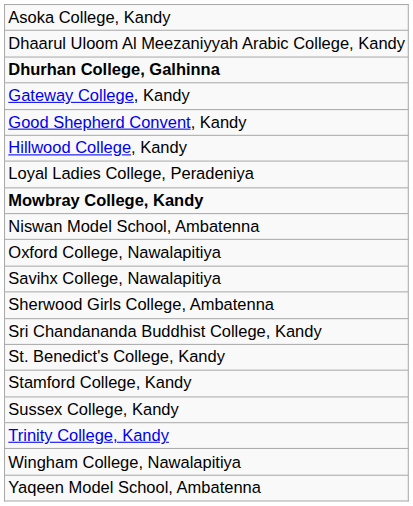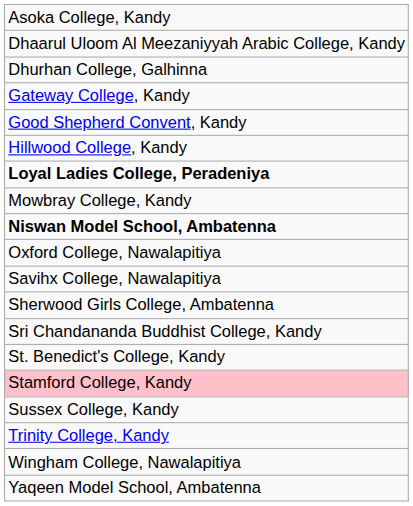 <table class="wikitable">
 <tr>
 <td>Asoka College, Kandy</td>
 </tr>
 <tr>
 <td>Dhaarul Uloom Al Meezaniyyah Arabic College, Kandy</td>
 </tr>
 <tr>
-<td><strong>Dhurhan College, Galhinna</strong></td>
+<td>Dhurhan College, Galhinna</td>
 </tr>
 <tr>
 <td><a href='#'>Gateway College</a>, Kandy</td>
 </tr>
 <tr>
 <td><a href='#'>Good Shepherd Convent</a>, Kandy</td>
 </tr>
 <tr>
 <td><a href='#'>Hillwood College</a>, Kandy</td>
 </tr>
 <tr>
-<td>Loyal Ladies College, Peradeniya</td>
+<td><strong>Loyal Ladies College, Peradeniya</strong></td>
 </tr>
 <tr>
-<td><strong>Mowbray College, Kandy</strong></td>
+<td>Mowbray College, Kandy</td>
 </tr>
 <tr>
-<td>Niswan Model School, Ambatenna</td>
+<td><strong>Niswan Model School, Ambatenna</strong></td>
 </tr>
 <tr>
 <td>Oxford College, Nawalapitiya</td>
 </tr>
 <tr>
 <td>Savihx College, Nawalapitiya</td>
 </tr>
 <tr>
 <td>Sherwood Girls College, Ambatenna</td>
 </tr>
 <tr>
 <td>Sri Chandananda Buddhist College, Kandy</td>
 </tr>
 <tr>
 <td>St. Benedict's College, Kandy</td>
 </tr>
 <tr>
-<td>Stamford College, Kandy</td>
+<td style="background: pink;">Stamford College, Kandy</td>
 </tr>
 <tr>
 <td>Sussex College, Kandy</td>
 </tr>
 <tr>
 <td><a href='#'>Trinity College, Kandy</a></td>
 </tr>
 <tr>
 <td>Wingham College, Nawalapitiya</td>
 </tr>
 <tr>
 <td>Yaqeen Model School, Ambatenna</td>
 </tr>
 </table>
